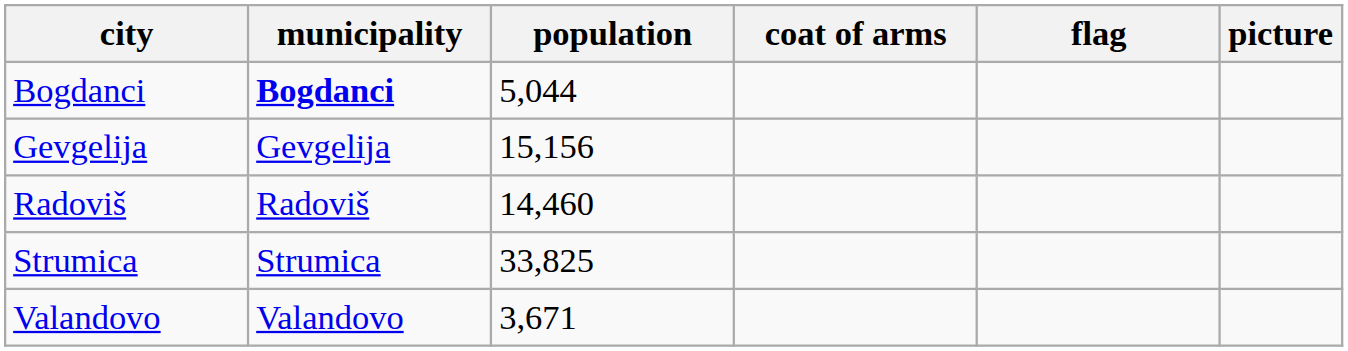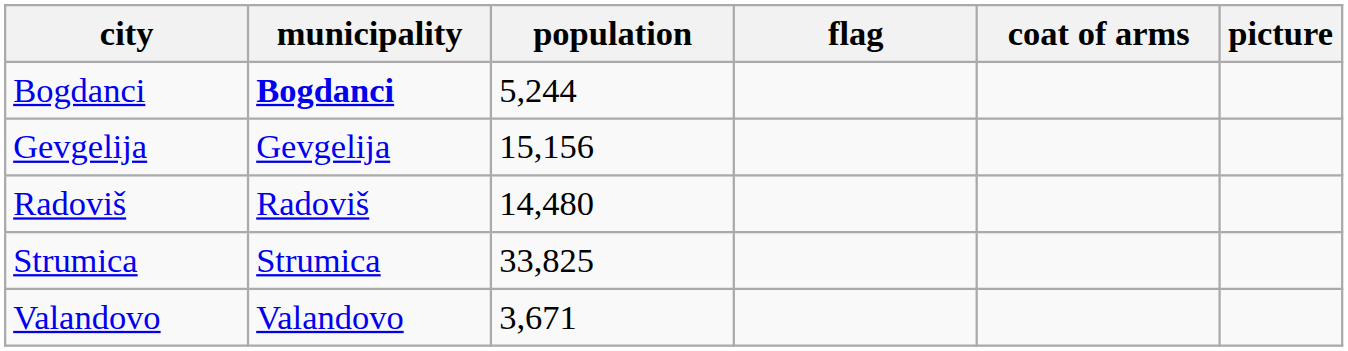 <table class="wikitable sortable" style="font-size:95%;">
 <tr>
 <th width="100px">city</th>
 <th width="100px">municipality</th>
 <th width="100px">population</th>
+<th width="100px">flag</th>
 <th width="100px">coat of arms</th>
-<th width="100px">flag</th>
 <th width="1o0px">picture</th>
 </tr>
 <tr>
 <td><a href='#'>Bogdanci</a></td>
 <td><strong><a href='#'>Bogdanci</a></strong></td>
-<td>5,044</td>
+<td>5,244</td>
 <td></td>
 <td></td>
 <td></td>
 </tr>
 <tr>
 <td><a href='#'>Gevgelija</a></td>
 <td><a href='#'>Gevgelija</a></td>
 <td>15,156</td>
 <td></td>
 <td></td>
 <td></td>
 </tr>
 <tr>
 <td><a href='#'>Radoviš</a></td>
 <td><a href='#'>Radoviš</a></td>
-<td>14,460</td>
+<td>14,480</td>
 <td></td>
 <td></td>
 <td></td>
 </tr>
 <tr>
 <td><a href='#'>Strumica</a></td>
 <td><a href='#'>Strumica</a></td>
 <td>33,825</td>
 <td></td>
 <td></td>
 <td></td>
 </tr>
 <tr>
 <td><a href='#'>Valandovo</a></td>
 <td><a href='#'>Valandovo</a></td>
 <td>3,671</td>
 <td></td>
 <td></td>
 <td></td>
 </tr>
 </table>
